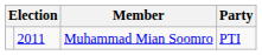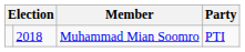 <table class="wikitable">
 <tr>
 <th colspan="2">Election</th>
 <th>Member</th>
 <th>Party</th>
 </tr>
 <tr>
 <td style="background-color: "></td>
-<td><a href='#'>2011</a></td>
+<td><a href='#'>2018</a></td>
 <td><a href='#'>Muhammad Mian Soomro</a></td>
 <td><a href='#'>PTI</a></td>
 </tr>
 </table>
